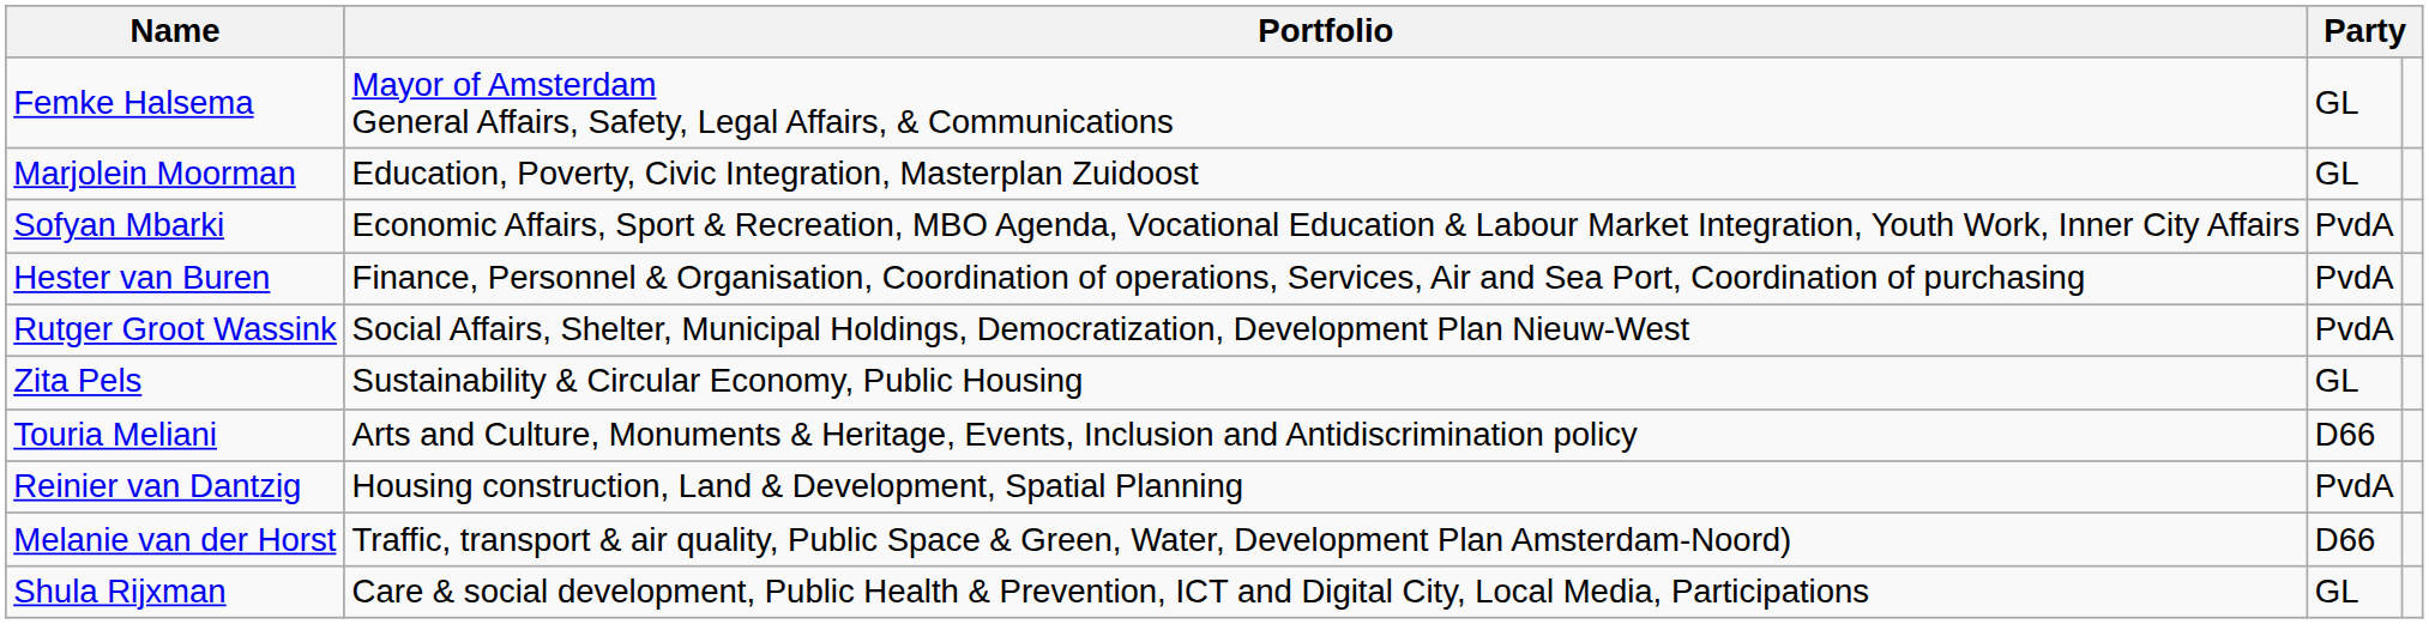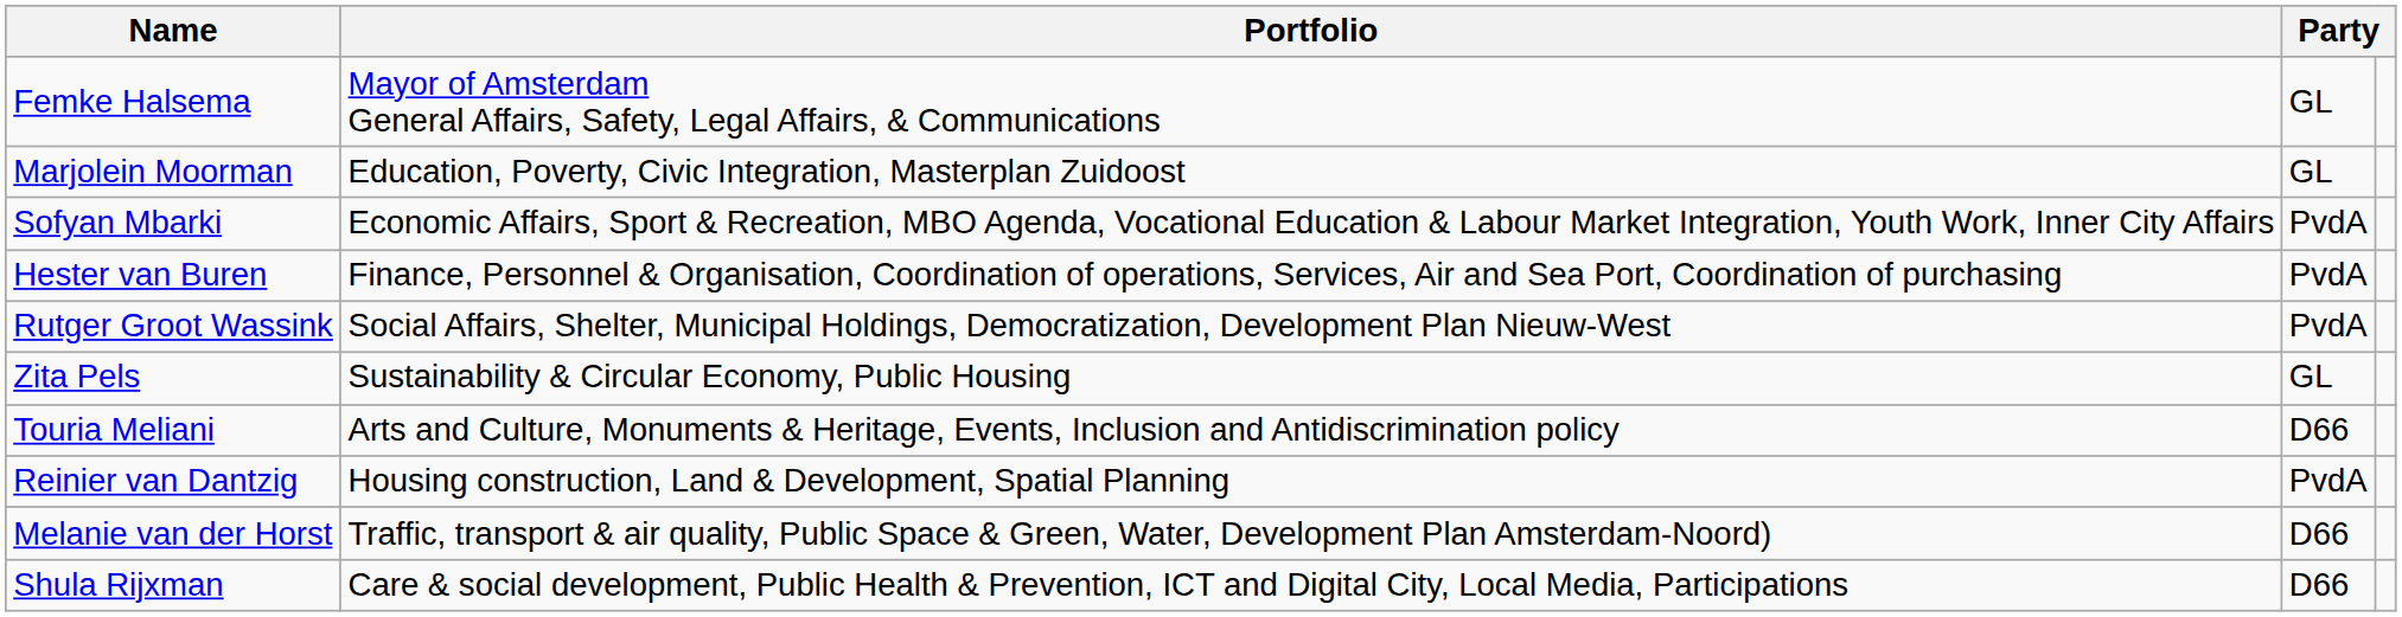 <table class="wikitable">
 <tr>
 <th>Name</th>
 <th>Portfolio</th>
 <th colspan="2">Party</th>
 </tr>
 <tr>
 <td><a href='#'>Femke Halsema</a></td>
 <td><a href='#'>Mayor of Amsterdam</a><br>General Affairs, Safety, Legal Affairs, & Communications</td>
 <td>GL</td>
 <td style="width: 3px" ;></td>
 </tr>
 <tr>
 <td><a href='#'>Marjolein Moorman</a></td>
 <td>Education, Poverty, Civic Integration, Masterplan Zuidoost</td>
 <td>GL</td>
 <td style="width: 3px" ;></td>
 </tr>
 <tr>
 <td><a href='#'>Sofyan Mbarki</a></td>
 <td>Economic Affairs, Sport & Recreation, MBO Agenda, Vocational Education & Labour Market Integration, Youth Work, Inner City Affairs</td>
 <td>PvdA</td>
 <td style="width: 3px" ;></td>
 </tr>
 <tr>
 <td><a href='#'>Hester van Buren</a></td>
 <td>Finance, Personnel & Organisation, Coordination of operations, Services, Air and Sea Port, Coordination of purchasing</td>
 <td>PvdA</td>
 <td style="width: 3px" ;></td>
 </tr>
 <tr>
 <td><a href='#'>Rutger Groot Wassink</a></td>
 <td>Social Affairs, Shelter, Municipal Holdings, Democratization, Development Plan Nieuw-West</td>
 <td>PvdA</td>
 <td style="width: 3px" ;></td>
 </tr>
 <tr>
 <td><a href='#'>Zita Pels</a></td>
 <td>Sustainability & Circular Economy, Public Housing</td>
 <td>GL</td>
 <td style="width: 3px" ;></td>
 </tr>
 <tr>
 <td><a href='#'>Touria Meliani</a></td>
 <td>Arts and Culture, Monuments & Heritage, Events, Inclusion and Antidiscrimination policy</td>
 <td>D66</td>
 <td style="width: 3px" ;></td>
 </tr>
 <tr>
 <td><a href='#'>Reinier van Dantzig</a></td>
 <td>Housing construction, Land & Development, Spatial Planning</td>
 <td>PvdA</td>
 <td style="width: 3px" ;></td>
 </tr>
 <tr>
 <td><a href='#'>Melanie van der Horst</a></td>
 <td>Traffic, transport & air quality, Public Space & Green, Water, Development Plan Amsterdam-Noord)</td>
 <td>D66</td>
 <td style="width: 3px" ;></td>
 </tr>
 <tr>
 <td><a href='#'>Shula Rijxman</a></td>
 <td>Care & social development, Public Health & Prevention, ICT and Digital City, Local Media, Participations</td>
-<td>GL</td>
+<td>D66</td>
 <td style="width: 3px" ;></td>
 </tr>
 </table>
